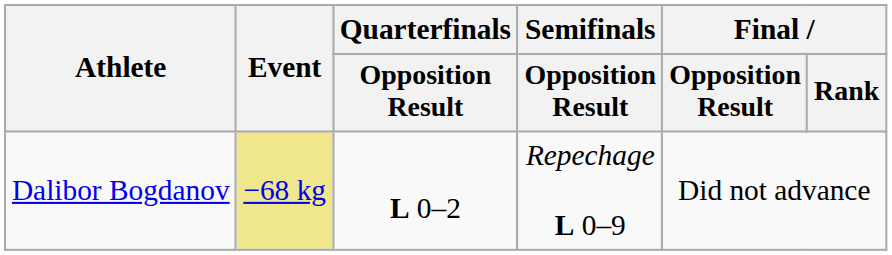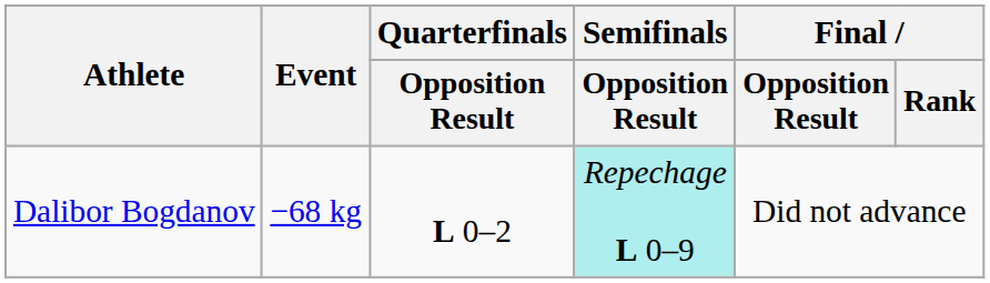 <table class="wikitable" style="text-align:center; font-size:90%">
 <tr>
 <th rowspan=2>Athlete</th>
 <th rowspan=2>Event</th>
 <th>Quarterfinals</th>
 <th>Semifinals</th>
 <th colspan=2>Final / </th>
 </tr>
 <tr style="font-size:95%">
 <th>Opposition<br>Result</th>
 <th>Opposition<br>Result</th>
 <th>Opposition<br>Result</th>
 <th>Rank</th>
 </tr>
 <tr>
 <td align=left><a href='#'>Dalibor Bogdanov</a></td>
-<td align=left style="background: khaki;"><a href='#'>−68 kg</a></td>
+<td align=left><a href='#'>−68 kg</a></td>
 <td><br> <strong>L</strong> 0–2</td>
-<td><em>Repechage</em><br><br> <strong>L</strong> 0–9</td>
+<td style="background: paleturquoise;"><em>Repechage</em><br><br> <strong>L</strong> 0–9</td>
 <td colspan=2>Did not advance</td>
 </tr>
 </table>
